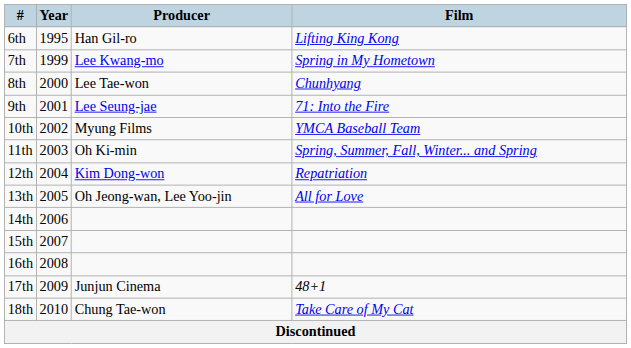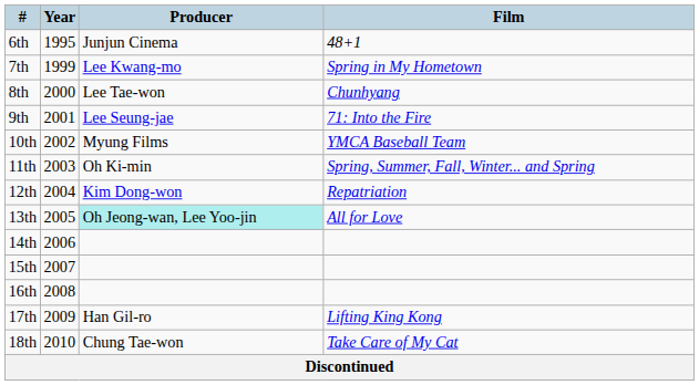 <table class="wikitable" style="width:700px">
 <tr>
 <th style="background:#BED5E1; width:10px">#</th>
 <th style="background:#BED5E1; width:10px">Year</th>
 <th style="background:#BED5E1;">Producer</th>
 <th style="background:#BED5E1;">Film</th>
 </tr>
 <tr>
 <td>6th</td>
 <td>1995</td>
-<td>Han Gil-ro</td>
-<td><em><a href='#'>Lifting King Kong</a></em></td>
+<td>Junjun Cinema</td>
+<td><em>48+1</em></td>
 </tr>
 <tr>
 <td>7th</td>
 <td>1999</td>
 <td><a href='#'>Lee Kwang-mo</a></td>
 <td><em><a href='#'>Spring in My Hometown</a></em></td>
 </tr>
 <tr>
 <td>8th</td>
 <td>2000</td>
 <td>Lee Tae-won</td>
 <td><em><a href='#'>Chunhyang</a></em></td>
 </tr>
 <tr>
 <td>9th</td>
 <td>2001</td>
 <td><a href='#'>Lee Seung-jae</a></td>
 <td><em><a href='#'>71: Into the Fire</a></em></td>
 </tr>
 <tr>
 <td>10th</td>
 <td>2002</td>
 <td>Myung Films</td>
 <td><em><a href='#'>YMCA Baseball Team</a></em></td>
 </tr>
 <tr>
 <td>11th</td>
 <td>2003</td>
 <td>Oh Ki-min</td>
 <td><em><a href='#'>Spring, Summer, Fall, Winter... and Spring</a></em></td>
 </tr>
 <tr>
 <td>12th</td>
 <td>2004</td>
 <td><a href='#'>Kim Dong-won</a></td>
 <td><em><a href='#'>Repatriation</a></em></td>
 </tr>
 <tr>
 <td>13th</td>
 <td>2005</td>
-<td>Oh Jeong-wan, Lee Yoo-jin</td>
+<td style="background: paleturquoise;">Oh Jeong-wan, Lee Yoo-jin</td>
 <td><em><a href='#'>All for Love</a></em></td>
 </tr>
 <tr>
 <td>14th</td>
 <td>2006</td>
 <td></td>
 <td></td>
 </tr>
 <tr>
 <td>15th</td>
 <td>2007</td>
 <td></td>
 <td></td>
 </tr>
 <tr>
 <td>16th</td>
 <td>2008</td>
 <td></td>
 <td></td>
 </tr>
 <tr>
 <td>17th</td>
 <td>2009</td>
-<td>Junjun Cinema</td>
-<td><em>48+1</em></td>
+<td>Han Gil-ro</td>
+<td><em><a href='#'>Lifting King Kong</a></em></td>
 </tr>
 <tr>
 <td>18th</td>
 <td>2010</td>
 <td>Chung Tae-won</td>
 <td><em><a href='#'>Take Care of My Cat</a></em></td>
 </tr>
 <tr align=center>
 <th colspan="4">Discontinued</th>
 </tr>
 </table>
